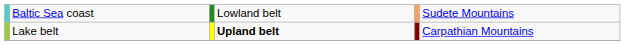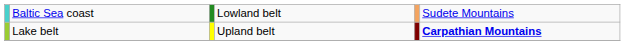 <table class="wikitable" border="1">
 <tr>
 <td style="background:MediumTurquoise;"></td>
 <td width=33%><a href='#'>Baltic Sea</a> coast</td>
 <td style="background:ForestGreen;"></td>
 <td width=33%>Lowland belt</td>
 <td style="background:SandyBrown;"></td>
 <td width=33%><a href='#'>Sudete Mountains</a></td>
 </tr>
 <tr>
 <td style="background:YellowGreen;"></td>
 <td>Lake belt</td>
 <td style="background:Yellow;"></td>
-<td><strong>Upland belt</strong></td>
+<td>Upland belt</td>
 <td style="background:Maroon;"></td>
-<td><a href='#'>Carpathian Mountains</a></td>
+<td><strong><a href='#'>Carpathian Mountains</a></strong></td>
 </tr>
 <tr>
 </tr>
 </table>
